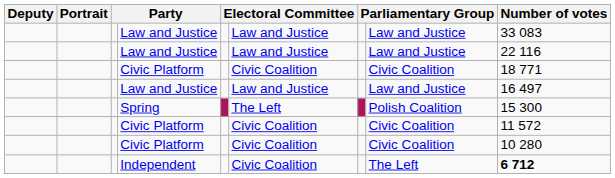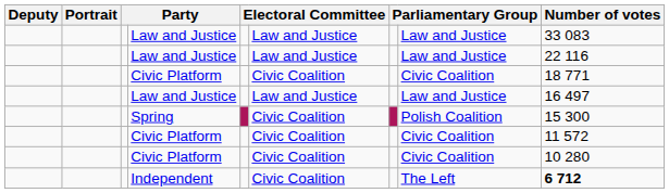 <table class="wikitable sortable" style="font-size:95%;line-height:14px;">
 <tr>
 <th>Deputy</th>
 <th>Portrait</th>
 <th colspan="2">Party</th>
 <th colspan="2">Electoral Committee</th>
 <th colspan="2">Parliamentary Group</th>
 <th>Number of votes</th>
 </tr>
 <tr>
 <td></td>
 <td></td>
 <td style="background:"></td>
 <td><a href='#'>Law and Justice</a></td>
 <td style="background:"></td>
 <td><a href='#'>Law and Justice</a></td>
 <td style="background:"></td>
 <td><a href='#'>Law and Justice</a></td>
 <td>33 083</td>
 </tr>
 <tr>
 <td></td>
 <td></td>
 <td style="background:"></td>
 <td><a href='#'>Law and Justice</a></td>
 <td style="background:"></td>
 <td><a href='#'>Law and Justice</a></td>
 <td style="background:"></td>
 <td><a href='#'>Law and Justice</a></td>
 <td>22 116</td>
 </tr>
 <tr>
 <td></td>
 <td></td>
 <td style="background:"></td>
 <td><a href='#'>Civic Platform</a></td>
 <td style="background:"></td>
 <td><a href='#'>Civic Coalition</a></td>
 <td style="background:"></td>
 <td><a href='#'>Civic Coalition</a></td>
 <td>18 771</td>
 </tr>
 <tr>
 <td></td>
 <td></td>
 <td style="background:"></td>
 <td><a href='#'>Law and Justice</a></td>
 <td style="background:"></td>
 <td><a href='#'>Law and Justice</a></td>
 <td style="background:"></td>
 <td><a href='#'>Law and Justice</a></td>
 <td>16 497</td>
 </tr>
 <tr>
 <td></td>
 <td></td>
 <td style="background:"></td>
 <td><a href='#'>Spring</a></td>
 <td style="background:#AC145A;"></td>
-<td><a href='#'>The Left</a></td>
+<td><a href='#'>Civic Coalition</a></td>
 <td style="background:#AC145A;"></td>
 <td><a href='#'>Polish Coalition</a></td>
 <td>15 300</td>
 </tr>
 <tr>
 <td></td>
 <td></td>
 <td style="background:"></td>
 <td><a href='#'>Civic Platform</a></td>
 <td style="background:"></td>
 <td><a href='#'>Civic Coalition</a></td>
 <td style="background:"></td>
 <td><a href='#'>Civic Coalition</a></td>
 <td>11 572</td>
 </tr>
 <tr>
 <td></td>
 <td></td>
 <td style="background:"></td>
 <td><a href='#'>Civic Platform</a></td>
 <td style="background:"></td>
 <td><a href='#'>Civic Coalition</a></td>
 <td style="background:"></td>
 <td><a href='#'>Civic Coalition</a></td>
 <td>10 280</td>
 </tr>
 <tr>
 <td></td>
 <td></td>
 <td style="background:"></td>
 <td><a href='#'>Independent</a></td>
 <td style="background:"></td>
 <td><a href='#'>Civic Coalition</a></td>
 <td style="background:"></td>
 <td><a href='#'>The Left</a></td>
 <td><strong>6 712</strong></td>
 </tr>
 </table>
